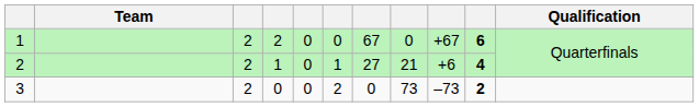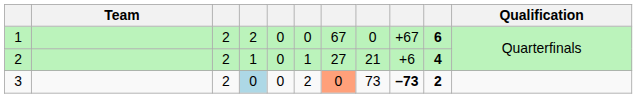 <table class="wikitable" style="text-align:center;">
 <tr>
 <th style="width:1.5em;"></th>
 <th style="width:12.5em">Team</th>
 <th style="width:1.5em;"></th>
 <th style="width:1.5em;"></th>
 <th style="width:1.5em;"></th>
 <th style="width:1.5em;"></th>
 <th style="width:2.0em;"></th>
 <th style="width:2.0em;"></th>
 <th style="width:2.0em;"></th>
 <th style="width:1.5em;"></th>
 <th style="width:12.5em">Qualification</th>
 </tr>
 <tr bgcolor="#bbf3bb">
 <td>1</td>
 <td align="left"></td>
 <td>2</td>
 <td>2</td>
 <td>0</td>
 <td>0</td>
 <td>67</td>
 <td>0</td>
 <td>+67</td>
 <td><strong>6</strong></td>
 <td rowspan=2>Quarterfinals</td>
 </tr>
 <tr bgcolor="#bbf3bb">
 <td>2</td>
 <td align="left"></td>
 <td>2</td>
 <td>1</td>
 <td>0</td>
 <td>1</td>
 <td>27</td>
 <td>21</td>
 <td>+6</td>
 <td><strong>4</strong></td>
 </tr>
 <tr>
 <td>3</td>
 <td align="left"></td>
 <td>2</td>
-<td>0</td>
+<td style="background: lightblue;">0</td>
 <td>0</td>
 <td>2</td>
-<td>0</td>
+<td style="background: lightsalmon;">0</td>
 <td>73</td>
-<td>–73</td>
+<td><strong>–73</strong></td>
 <td><strong>2</strong></td>
 <td></td>
 </tr>
 </table>
